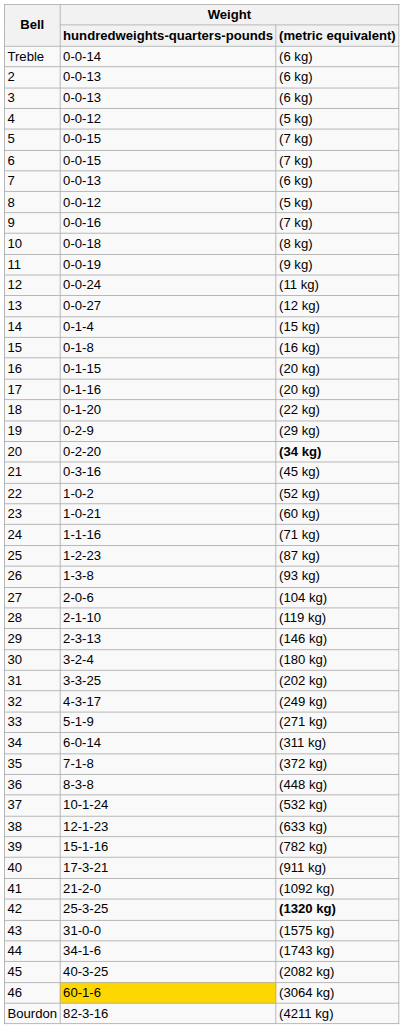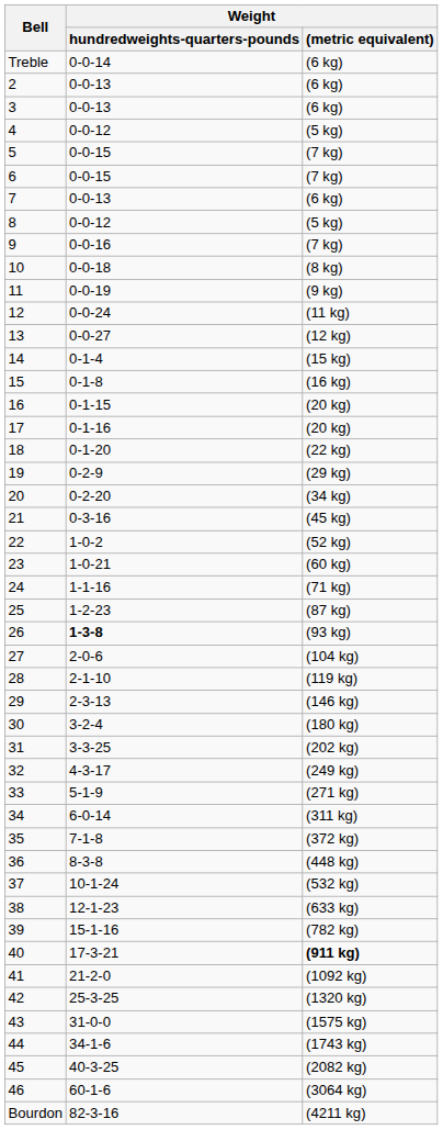 <table class=wikitable>
 <tr>
 <th rowspan=2>Bell</th>
 <th colspan=2>Weight</th>
 </tr>
 <tr>
 <th>hundredweights-quarters-pounds</th>
 <th>(metric equivalent)</th>
 </tr>
 <tr>
 <td>Treble</td>
 <td>0-0-14</td>
 <td>(6 kg)</td>
 </tr>
 <tr>
 <td>2</td>
 <td>0-0-13</td>
 <td>(6 kg)</td>
 </tr>
 <tr>
 <td>3</td>
 <td>0-0-13</td>
 <td>(6 kg)</td>
 </tr>
 <tr>
 <td>4</td>
 <td>0-0-12</td>
 <td>(5 kg)</td>
 </tr>
 <tr>
 <td>5</td>
 <td>0-0-15</td>
 <td>(7 kg)</td>
 </tr>
 <tr>
 <td>6</td>
 <td>0-0-15</td>
 <td>(7 kg)</td>
 </tr>
 <tr>
 <td>7</td>
 <td>0-0-13</td>
 <td>(6 kg)</td>
 </tr>
 <tr>
 <td>8</td>
 <td>0-0-12</td>
 <td>(5 kg)</td>
 </tr>
 <tr>
 <td>9</td>
 <td>0-0-16</td>
 <td>(7 kg)</td>
 </tr>
 <tr>
 <td>10</td>
 <td>0-0-18</td>
 <td>(8 kg)</td>
 </tr>
 <tr>
 <td>11</td>
 <td>0-0-19</td>
 <td>(9 kg)</td>
 </tr>
 <tr>
 <td>12</td>
 <td>0-0-24</td>
 <td>(11 kg)</td>
 </tr>
 <tr>
 <td>13</td>
 <td>0-0-27</td>
 <td>(12 kg)</td>
 </tr>
 <tr>
 <td>14</td>
 <td>0-1-4</td>
 <td>(15 kg)</td>
 </tr>
 <tr>
 <td>15</td>
 <td>0-1-8</td>
 <td>(16 kg)</td>
 </tr>
 <tr>
 <td>16</td>
 <td>0-1-15</td>
 <td>(20 kg)</td>
 </tr>
 <tr>
 <td>17</td>
 <td>0-1-16</td>
 <td>(20 kg)</td>
 </tr>
 <tr>
 <td>18</td>
 <td>0-1-20</td>
 <td>(22 kg)</td>
 </tr>
 <tr>
 <td>19</td>
 <td>0-2-9</td>
 <td>(29 kg)</td>
 </tr>
 <tr>
 <td>20</td>
 <td>0-2-20</td>
-<td><strong>(34 kg)</strong></td>
+<td>(34 kg)</td>
 </tr>
 <tr>
 <td>21</td>
 <td>0-3-16</td>
 <td>(45 kg)</td>
 </tr>
 <tr>
 <td>22</td>
 <td>1-0-2</td>
 <td>(52 kg)</td>
 </tr>
 <tr>
 <td>23</td>
 <td>1-0-21</td>
 <td>(60 kg)</td>
 </tr>
 <tr>
 <td>24</td>
 <td>1-1-16</td>
 <td>(71 kg)</td>
 </tr>
 <tr>
 <td>25</td>
 <td>1-2-23</td>
 <td>(87 kg)</td>
 </tr>
 <tr>
 <td>26</td>
-<td>1-3-8</td>
+<td><strong>1-3-8</strong></td>
 <td>(93 kg)</td>
 </tr>
 <tr>
 <td>27</td>
 <td>2-0-6</td>
 <td>(104 kg)</td>
 </tr>
 <tr>
 <td>28</td>
 <td>2-1-10</td>
 <td>(119 kg)</td>
 </tr>
 <tr>
 <td>29</td>
 <td>2-3-13</td>
 <td>(146 kg)</td>
 </tr>
 <tr>
 <td>30</td>
 <td>3-2-4</td>
 <td>(180 kg)</td>
 </tr>
 <tr>
 <td>31</td>
 <td>3-3-25</td>
 <td>(202 kg)</td>
 </tr>
 <tr>
 <td>32</td>
 <td>4-3-17</td>
 <td>(249 kg)</td>
 </tr>
 <tr>
 <td>33</td>
 <td>5-1-9</td>
 <td>(271 kg)</td>
 </tr>
 <tr>
 <td>34</td>
 <td>6-0-14</td>
 <td>(311 kg)</td>
 </tr>
 <tr>
 <td>35</td>
 <td>7-1-8</td>
 <td>(372 kg)</td>
 </tr>
 <tr>
 <td>36</td>
 <td>8-3-8</td>
 <td>(448 kg)</td>
 </tr>
 <tr>
 <td>37</td>
 <td>10-1-24</td>
 <td>(532 kg)</td>
 </tr>
 <tr>
 <td>38</td>
 <td>12-1-23</td>
 <td>(633 kg)</td>
 </tr>
 <tr>
 <td>39</td>
 <td>15-1-16</td>
 <td>(782 kg)</td>
 </tr>
 <tr>
 <td>40</td>
 <td>17-3-21</td>
-<td>(911 kg)</td>
+<td><strong>(911 kg)</strong></td>
 </tr>
 <tr>
 <td>41</td>
 <td>21-2-0</td>
 <td>(1092 kg)</td>
 </tr>
 <tr>
 <td>42</td>
 <td>25-3-25</td>
-<td><strong>(1320 kg)</strong></td>
+<td>(1320 kg)</td>
 </tr>
 <tr>
 <td>43</td>
 <td>31-0-0</td>
 <td>(1575 kg)</td>
 </tr>
 <tr>
 <td>44</td>
 <td>34-1-6</td>
 <td>(1743 kg)</td>
 </tr>
 <tr>
 <td>45</td>
 <td>40-3-25</td>
 <td>(2082 kg)</td>
 </tr>
 <tr>
 <td>46</td>
-<td style="background: gold;">60-1-6</td>
+<td>60-1-6</td>
 <td>(3064 kg)</td>
 </tr>
 <tr>
 <td>Bourdon</td>
 <td>82-3-16</td>
 <td>(4211 kg)</td>
 </tr>
 </table>
